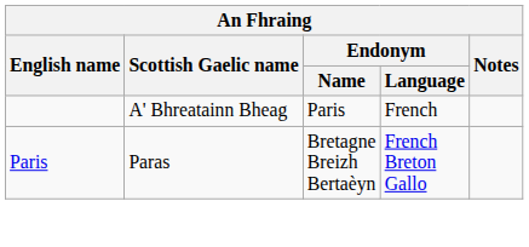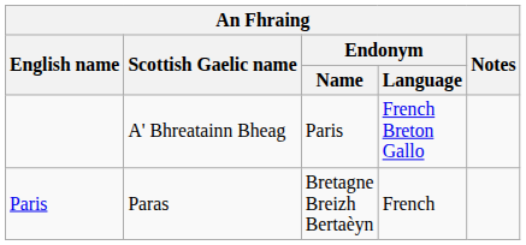 <table class="wikitable sortable">
 <tr>
 <th colspan="5"> An Fhraing</th>
 </tr>
 <tr>
 <th rowspan="2">English name</th>
 <th rowspan="2">Scottish Gaelic name</th>
 <th colspan="2">Endonym</th>
 <th rowspan="2">Notes</th>
 </tr>
 <tr>
 <th>Name</th>
 <th>Language</th>
 </tr>
 <tr>
 <td></td>
 <td>A' Bhreatainn Bheag</td>
 <td>Paris</td>
-<td>French</td>
+<td><a href='#'>French</a><br><a href='#'>Breton</a><br><a href='#'>Gallo</a></td>
 <td></td>
 </tr>
 <tr>
 <td><a href='#'>Paris</a></td>
 <td>Paras</td>
 <td>Bretagne<br>Breizh<br>Bertaèyn</td>
-<td><a href='#'>French</a><br><a href='#'>Breton</a><br><a href='#'>Gallo</a></td>
+<td>French</td>
 <td></td>
 </tr>
 </table>
